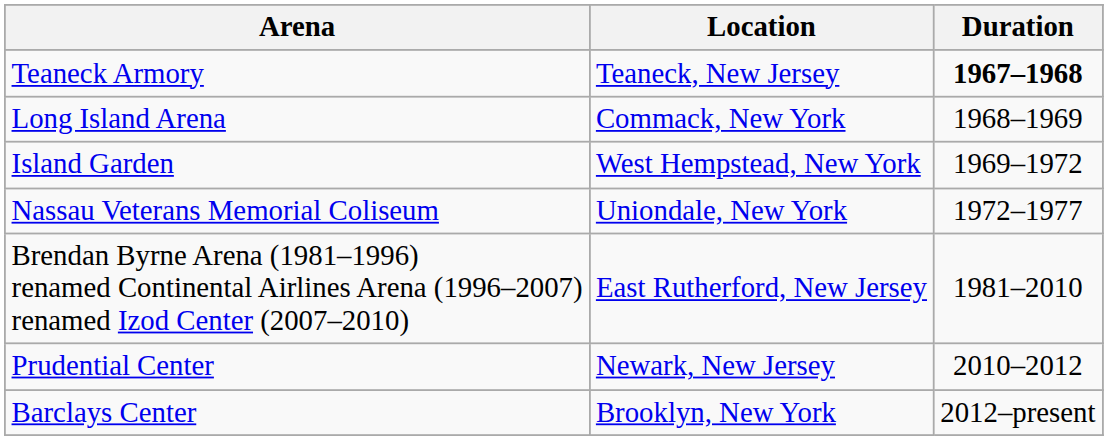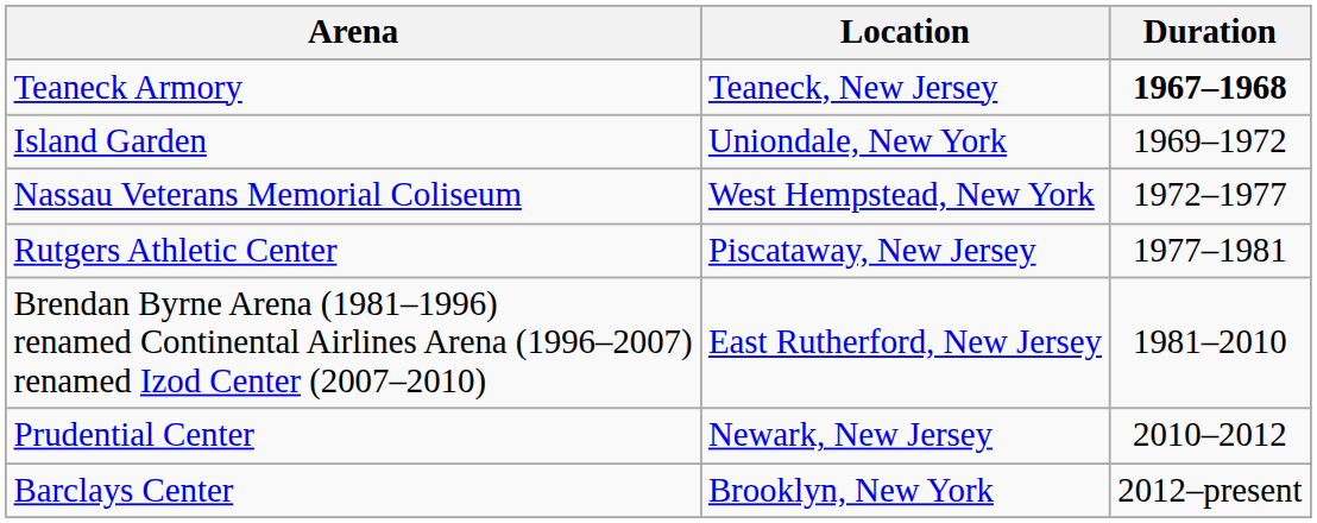 <table class="wikitable">
 <tr>
 <th>Arena</th>
 <th>Location</th>
 <th class="unsortable">Duration</th>
 </tr>
 <tr>
 <td><a href='#'>Teaneck Armory</a></td>
 <td><a href='#'>Teaneck, New Jersey</a></td>
 <td style="text-align:center;"><strong>1967–1968</strong></td>
 </tr>
 <tr>
-<td><a href='#'>Long Island Arena</a></td>
-<td><a href='#'>Commack, New York</a></td>
-<td style="text-align:center;">1968–1969</td>
-</tr>
-<tr>
 <td><a href='#'>Island Garden</a></td>
-<td><a href='#'>West Hempstead, New York</a></td>
+<td><a href='#'>Uniondale, New York</a></td>
 <td style="text-align:center;">1969–1972</td>
 </tr>
 <tr>
 <td><a href='#'>Nassau Veterans Memorial Coliseum</a></td>
-<td><a href='#'>Uniondale, New York</a></td>
+<td><a href='#'>West Hempstead, New York</a></td>
 <td style="text-align:center;">1972–1977</td>
+</tr>
+<tr>
+<td><a href='#'>Rutgers Athletic Center</a></td>
+<td><a href='#'>Piscataway, New Jersey</a></td>
+<td style="text-align:center;">1977–1981</td>
 </tr>
 <tr>
 <td>Brendan Byrne Arena (1981–1996)<br>renamed Continental Airlines Arena (1996–2007)<br>renamed <a href='#'>Izod Center</a> (2007–2010)</td>
 <td><a href='#'>East Rutherford, New Jersey</a></td>
 <td style="text-align:center;">1981–2010</td>
 </tr>
 <tr>
 <td><a href='#'>Prudential Center</a></td>
 <td><a href='#'>Newark, New Jersey</a></td>
 <td style="text-align:center;">2010–2012</td>
 </tr>
 <tr>
 <td><a href='#'>Barclays Center</a></td>
 <td><a href='#'>Brooklyn, New York</a></td>
 <td style="text-align:center;">2012–present</td>
 </tr>
 </table>
